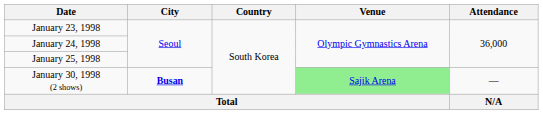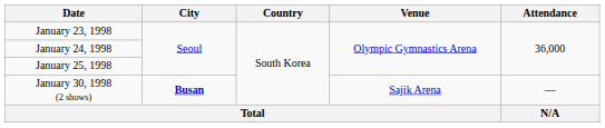 <table class="wikitable" style="text-align:center;">
 <tr>
 <th scope="col" style="width:12em;">Date</th>
 <th scope="col" style="width:8em;">City</th>
 <th scope="col" style="width:8em;">Country</th>
 <th scope="col" style="width:15em;">Venue</th>
 <th scope="col" style="width:8.5em;">Attendance</th>
 </tr>
 <tr>
 <td>January 23, 1998</td>
 <td rowspan="3"><a href='#'>Seoul</a></td>
 <td rowspan="4">South Korea</td>
 <td rowspan="3"><a href='#'>Olympic Gymnastics Arena</a></td>
 <td rowspan="3">36,000</td>
 </tr>
 <tr>
 <td>January 24, 1998</td>
 </tr>
 <tr>
 <td>January 25, 1998</td>
 </tr>
 <tr>
 <td>January 30, 1998<br><small>(2 shows)</small></td>
 <td><strong><a href='#'>Busan</a></strong></td>
-<td style="background: lightgreen;"><a href='#'>Sajik Arena</a></td>
+<td><a href='#'>Sajik Arena</a></td>
 <td>—</td>
 </tr>
 <tr>
 <th colspan="4">Total</th>
 <th>N/A</th>
 </tr>
 </table>
